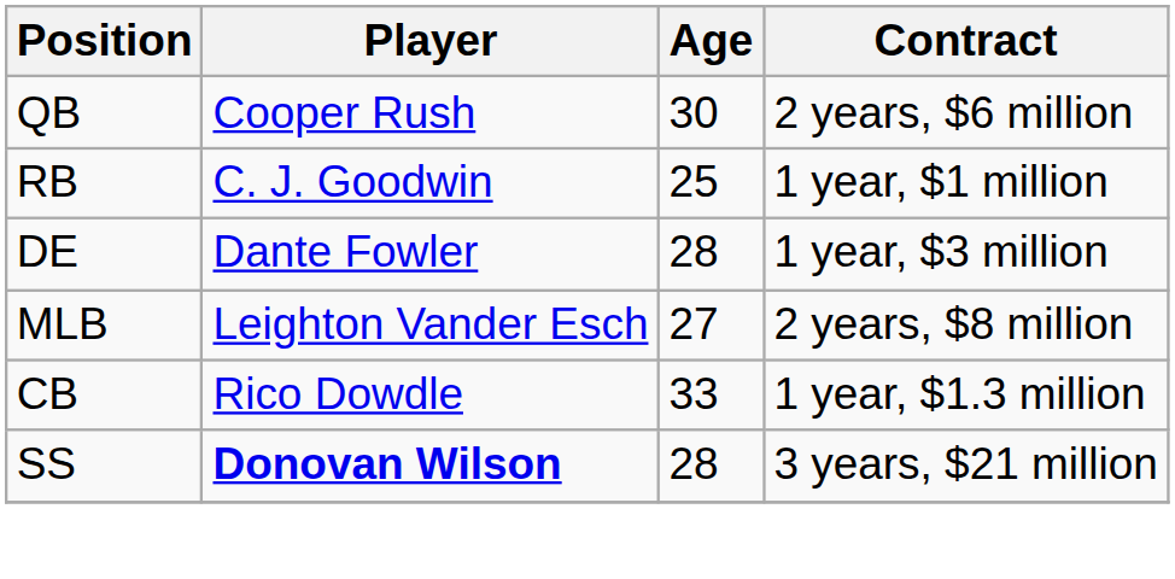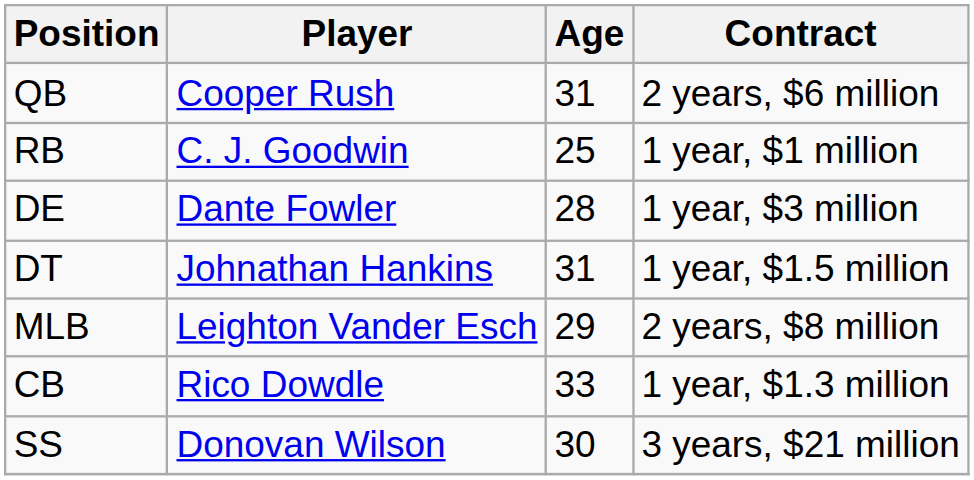 <table class="wikitable">
 <tr>
 <th>Position</th>
 <th>Player</th>
 <th>Age</th>
 <th>Contract</th>
 </tr>
 <tr>
 <td>QB</td>
 <td><a href='#'>Cooper Rush</a></td>
-<td>30</td>
+<td>31</td>
 <td>2 years, $6 million</td>
 </tr>
 <tr>
 <td>RB</td>
 <td><a href='#'>C. J. Goodwin</a></td>
 <td>25</td>
 <td>1 year, $1 million</td>
 </tr>
 <tr>
 <td>DE</td>
 <td><a href='#'>Dante Fowler</a></td>
 <td>28</td>
 <td>1 year, $3 million</td>
 </tr>
 <tr>
+<td>DT</td>
+<td><a href='#'>Johnathan Hankins</a></td>
+<td>31</td>
+<td>1 year, $1.5 million</td>
+</tr>
+<tr>
 <td>MLB</td>
 <td><a href='#'>Leighton Vander Esch</a></td>
-<td>27</td>
+<td>29</td>
 <td>2 years, $8 million</td>
 </tr>
 <tr>
 <td>CB</td>
 <td><a href='#'>Rico Dowdle</a></td>
 <td>33</td>
 <td>1 year, $1.3 million</td>
 </tr>
 <tr>
 <td>SS</td>
-<td><strong><a href='#'>Donovan Wilson</a></strong></td>
-<td>28</td>
+<td><a href='#'>Donovan Wilson</a></td>
+<td>30</td>
 <td>3 years, $21 million</td>
 </tr>
 <tr>
 </tr>
 </table>
